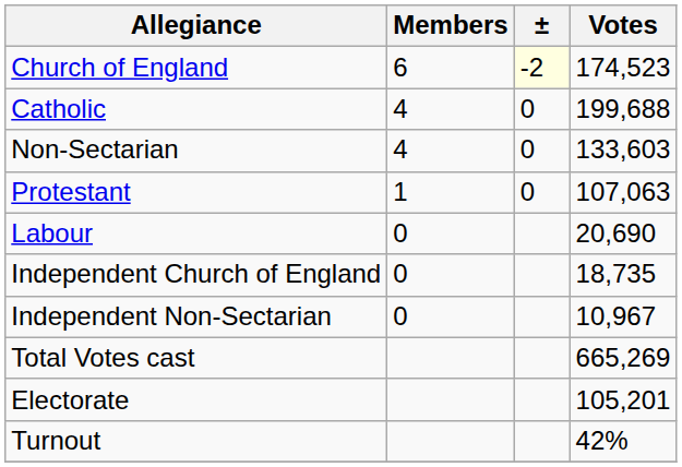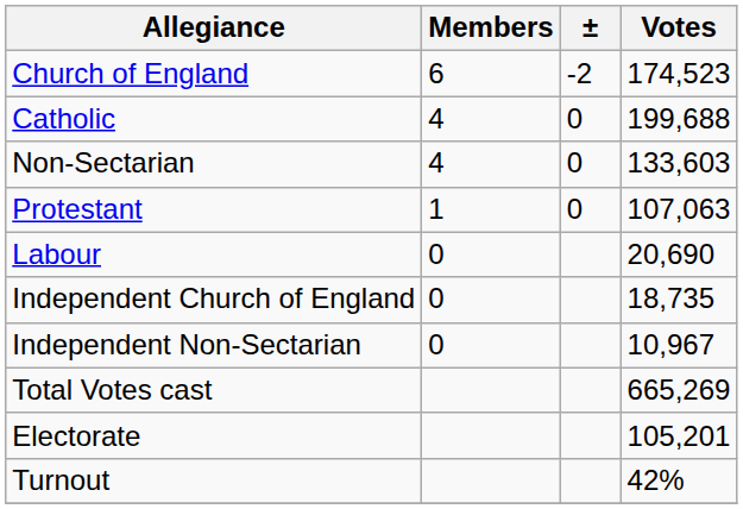 <table class="wikitable">
 <tr>
 <th>Allegiance</th>
 <th>Members</th>
 <th>  ±  </th>
 <th>Votes</th>
 </tr>
 <tr>
 <td><a href='#'>Church of England</a></td>
 <td>6</td>
-<td style="background: lightyellow;">-2</td>
+<td>-2</td>
 <td>174,523</td>
 </tr>
 <tr>
 <td><a href='#'>Catholic</a></td>
 <td>4</td>
 <td>0</td>
 <td>199,688</td>
 </tr>
 <tr>
 <td>Non-Sectarian</td>
 <td>4</td>
 <td>0</td>
 <td>133,603</td>
 </tr>
 <tr>
 <td><a href='#'>Protestant</a></td>
 <td>1</td>
 <td>0</td>
 <td>107,063</td>
 </tr>
 <tr>
 <td><a href='#'>Labour</a></td>
 <td>0</td>
 <td></td>
 <td>20,690</td>
 </tr>
 <tr>
 <td>Independent Church of England</td>
 <td>0</td>
 <td></td>
 <td>18,735</td>
 </tr>
 <tr>
 <td>Independent Non-Sectarian</td>
 <td>0</td>
 <td></td>
 <td>10,967</td>
 </tr>
 <tr>
 <td>Total Votes cast</td>
 <td></td>
 <td></td>
 <td>665,269</td>
 </tr>
 <tr>
 <td>Electorate</td>
 <td></td>
 <td></td>
 <td>105,201</td>
 </tr>
 <tr>
 <td>Turnout</td>
 <td></td>
 <td></td>
 <td>42%</td>
 </tr>
 <tr>
 </tr>
 </table>
